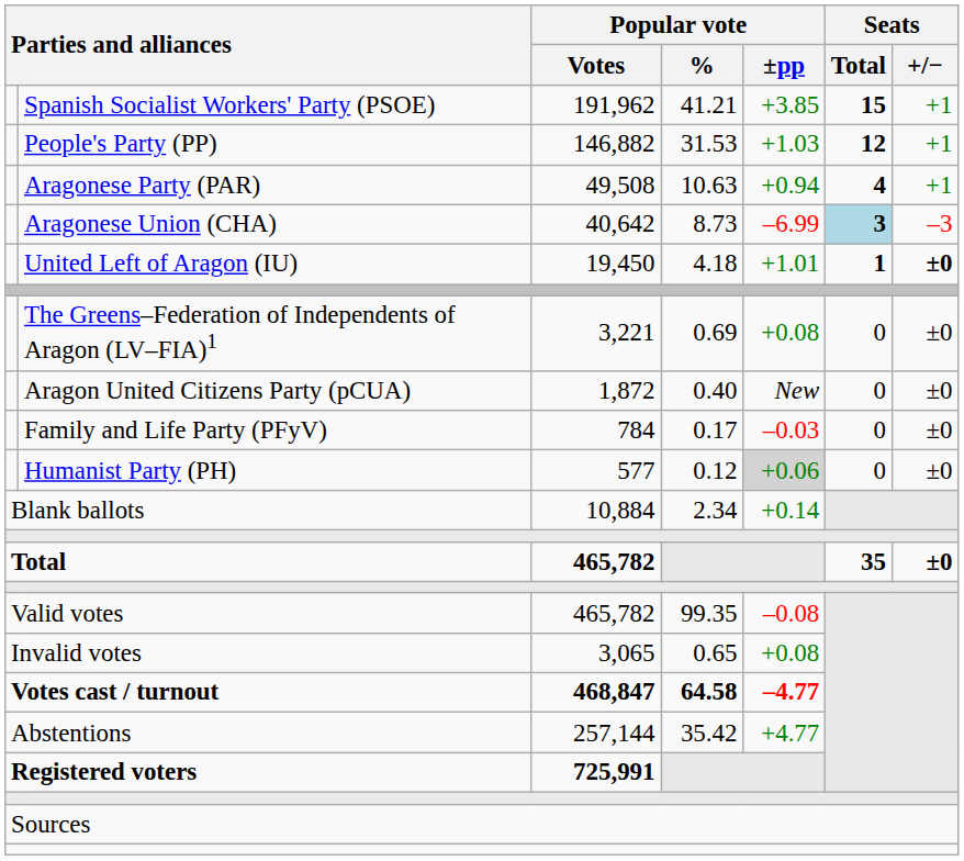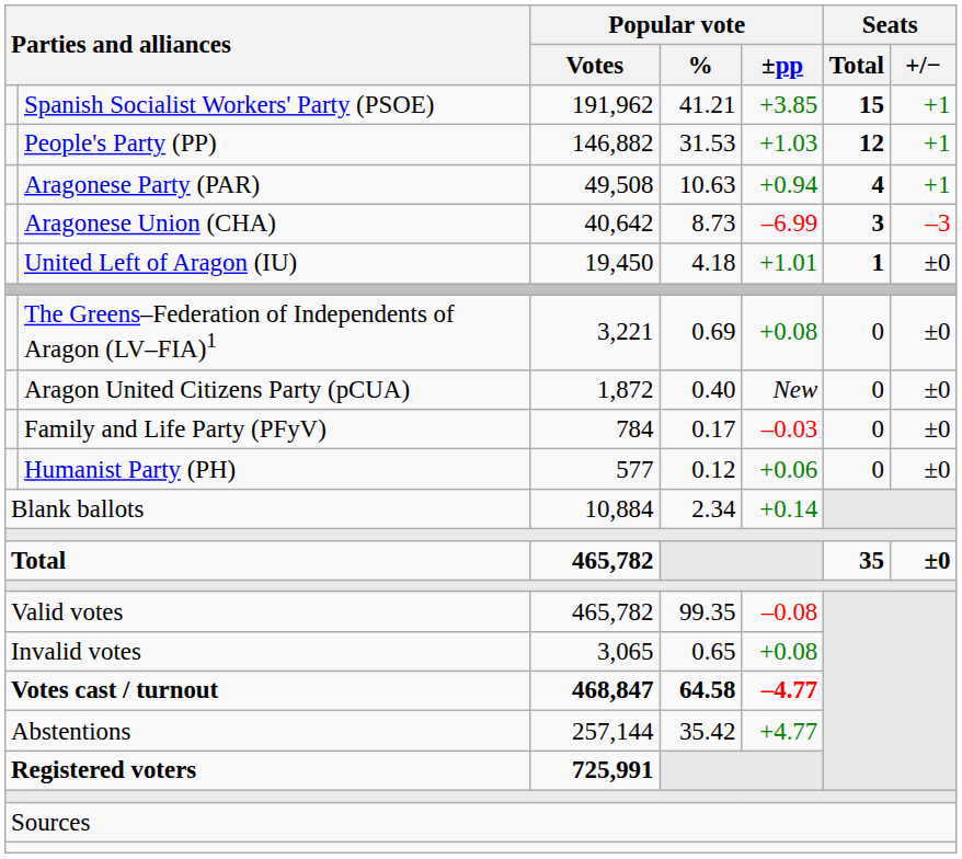 <table class="wikitable" style="text-align:right;">
 <tr>
 <th style="text-align:left;" rowspan="2" colspan="2" width="525">Parties and alliances</th>
 <th colspan="3">Popular vote</th>
 <th colspan="2">Seats</th>
 </tr>
 <tr>
 <th width="75">Votes</th>
 <th width="45">%</th>
 <th width="45">±<a href='#'>pp</a></th>
 <th width="35">Total</th>
 <th width="35">+/−</th>
 </tr>
 <tr>
 <td width="1" style="color:inherit;background:"></td>
 <td align="left"><a href='#'>Spanish Socialist Workers' Party</a> (PSOE)</td>
 <td>191,962</td>
 <td>41.21</td>
 <td style="color:green;">+3.85</td>
 <td><strong>15</strong></td>
 <td style="color:green;">+1</td>
 </tr>
 <tr>
 <td style="color:inherit;background:"></td>
 <td align="left"><a href='#'>People's Party</a> (PP)</td>
 <td>146,882</td>
 <td>31.53</td>
 <td style="color:green;">+1.03</td>
 <td><strong>12</strong></td>
 <td style="color:green;">+1</td>
 </tr>
 <tr>
 <td style="color:inherit;background:"></td>
 <td align="left"><a href='#'>Aragonese Party</a> (PAR)</td>
 <td>49,508</td>
 <td>10.63</td>
 <td style="color:green;">+0.94</td>
 <td><strong>4</strong></td>
 <td style="color:green;">+1</td>
 </tr>
 <tr>
 <td style="color:inherit;background:"></td>
 <td align="left"><a href='#'>Aragonese Union</a> (CHA)</td>
 <td>40,642</td>
 <td>8.73</td>
 <td style="color:red;">–6.99</td>
-<td style="background: lightblue;"><strong>3</strong></td>
+<td><strong>3</strong></td>
 <td style="color:red;">–3</td>
 </tr>
 <tr>
 <td style="color:inherit;background:"></td>
 <td align="left"><a href='#'>United Left of Aragon</a> (IU)</td>
 <td>19,450</td>
 <td>4.18</td>
 <td style="color:green;">+1.01</td>
 <td><strong>1</strong></td>
-<td><strong>±0</strong></td>
+<td>±0</td>
 </tr>
 <tr>
 <td colspan="7" bgcolor="#C0C0C0"></td>
 </tr>
 <tr>
 <td style="color:inherit;background:"></td>
 <td align="left"><a href='#'>The Greens</a>–Federation of Independents of Aragon (LV–FIA)<sup>1</sup></td>
 <td>3,221</td>
 <td>0.69</td>
 <td style="color:green;">+0.08</td>
 <td>0</td>
 <td>±0</td>
 </tr>
 <tr>
 <td style="color:inherit;background:"></td>
 <td align="left">Aragon United Citizens Party (pCUA)</td>
 <td>1,872</td>
 <td>0.40</td>
 <td><em>New</em></td>
 <td>0</td>
 <td>±0</td>
 </tr>
 <tr>
 <td style="color:inherit;background:"></td>
 <td align="left">Family and Life Party (PFyV)</td>
 <td>784</td>
 <td>0.17</td>
 <td style="color:red;">–0.03</td>
 <td>0</td>
 <td>±0</td>
 </tr>
 <tr>
 <td style="color:inherit;background:"></td>
 <td align="left"><a href='#'>Humanist Party</a> (PH)</td>
 <td>577</td>
 <td>0.12</td>
-<td style="background: lightgrey; color:green;">+0.06</td>
+<td style="color:green;">+0.06</td>
 <td>0</td>
 <td>±0</td>
 </tr>
 <tr>
 <td align="left" colspan="2">Blank ballots</td>
 <td>10,884</td>
 <td>2.34</td>
 <td style="color:green;">+0.14</td>
 <td bgcolor="#E9E9E9" colspan="2"></td>
 </tr>
 <tr>
 <td colspan="7" bgcolor="#E9E9E9"></td>
 </tr>
 <tr style="font-weight:bold;">
 <td align="left" colspan="2">Total</td>
 <td>465,782</td>
 <td bgcolor="#E9E9E9" colspan="2"></td>
 <td>35</td>
 <td>±0</td>
 </tr>
 <tr>
 <td colspan="7" bgcolor="#E9E9E9"></td>
 </tr>
 <tr>
 <td align="left" colspan="2">Valid votes</td>
 <td>465,782</td>
 <td>99.35</td>
 <td style="color:red;">–0.08</td>
 <td bgcolor="#E9E9E9" colspan="2" rowspan="5"></td>
 </tr>
 <tr>
 <td align="left" colspan="2">Invalid votes</td>
 <td>3,065</td>
 <td>0.65</td>
 <td style="color:green;">+0.08</td>
 </tr>
 <tr style="font-weight:bold;">
 <td align="left" colspan="2">Votes cast / turnout</td>
 <td>468,847</td>
 <td>64.58</td>
 <td style="color:red;">–4.77</td>
 </tr>
 <tr>
 <td align="left" colspan="2">Abstentions</td>
 <td>257,144</td>
 <td>35.42</td>
 <td style="color:green;">+4.77</td>
 </tr>
 <tr style="font-weight:bold;">
 <td align="left" colspan="2">Registered voters</td>
 <td>725,991</td>
 <td bgcolor="#E9E9E9" colspan="2"></td>
 </tr>
 <tr>
 <td colspan="7" bgcolor="#E9E9E9"></td>
 </tr>
 <tr>
 <td align="left" colspan="7">Sources</td>
 </tr>
 <tr>
 <td colspan="7" style="text-align:left; max-width:790px;"></td>
 </tr>
 </table>
